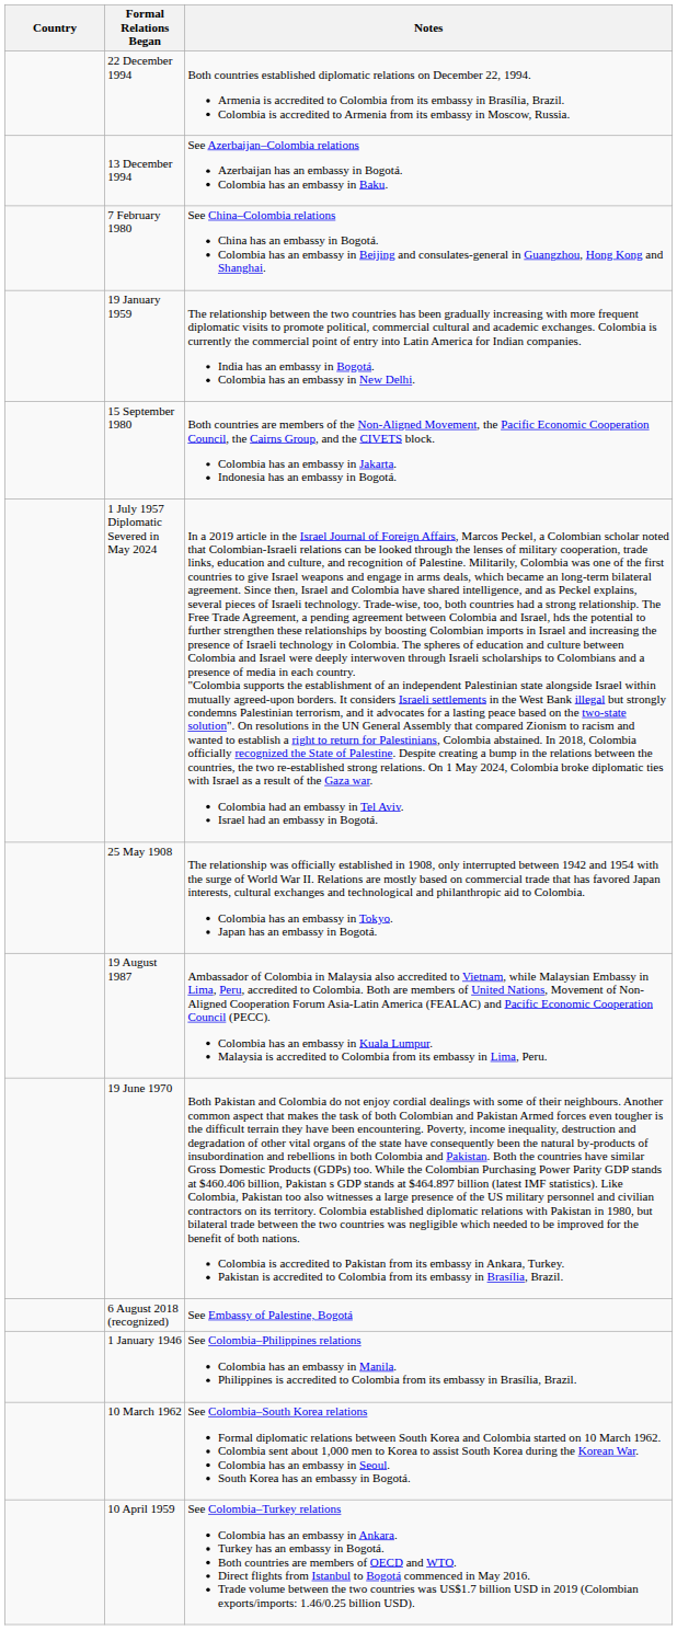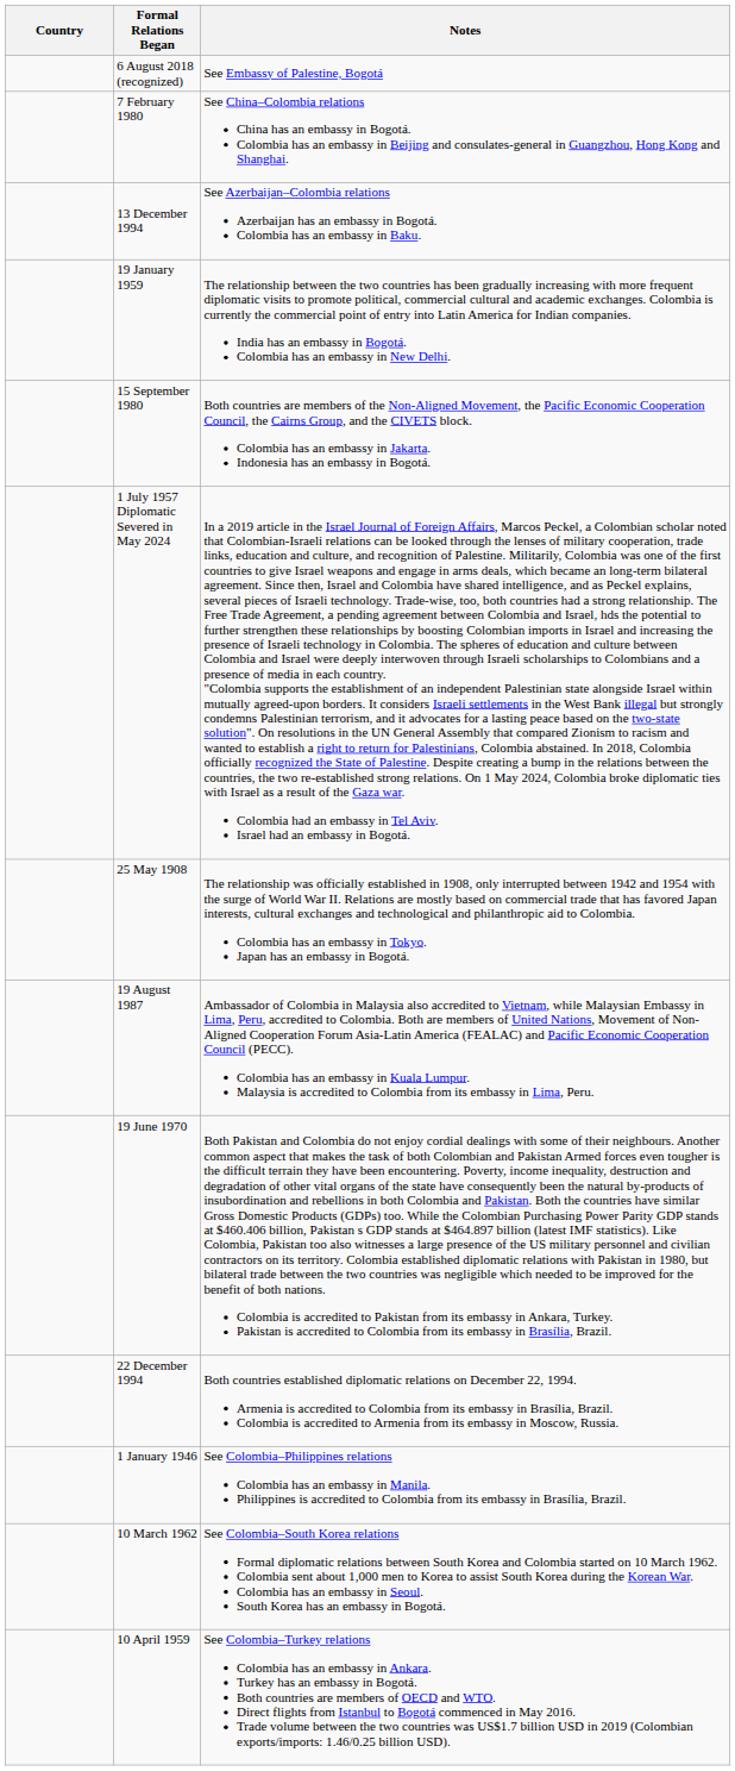 <table class="wikitable sortable" style="width:100%; margin:auto;">
 <tr>
 <th style="width:15%;">Country</th>
 <th style="width:12%;">Formal Relations Began</th>
 <th>Notes</th>
 </tr>
+<tr>
+<td></td>
+<td>6 August 2018 (recognized)</td>
+<td>See <a href='#'>Embassy of Palestine, Bogotá</a></td>
+</tr>
 <tr valign="top">
 <td></td>
-<td>22 December 1994</td>
-<td><br>Both countries established diplomatic relations on December 22, 1994.<ul><li>Armenia is accredited to Colombia from its embassy in Brasília, Brazil.</li><li>Colombia is accredited to Armenia from its embassy in Moscow, Russia.</li></ul></td>
+<td>7 February 1980</td>
+<td>See <a href='#'>China–Colombia relations</a><br><ul><li>China has an embassy in Bogotá.</li><li>Colombia has an embassy in <a href='#'>Beijing</a> and consulates-general in <a href='#'>Guangzhou</a>, <a href='#'>Hong Kong</a> and <a href='#'>Shanghai</a>.</li></ul></td>
 </tr>
 <tr -valign="top">
 <td></td>
 <td>13 December 1994</td>
 <td>See <a href='#'>Azerbaijan–Colombia relations</a><br><ul><li>Azerbaijan has an embassy in Bogotá.</li><li>Colombia has an embassy in <a href='#'>Baku</a>.</li></ul></td>
-</tr>
-<tr valign="top">
-<td></td>
-<td>7 February 1980</td>
-<td>See <a href='#'>China–Colombia relations</a><br><ul><li>China has an embassy in Bogotá.</li><li>Colombia has an embassy in <a href='#'>Beijing</a> and consulates-general in <a href='#'>Guangzhou</a>, <a href='#'>Hong Kong</a> and <a href='#'>Shanghai</a>.</li></ul></td>
 </tr>
 <tr valign="top">
 <td></td>
 <td>19 January 1959</td>
 <td><br> The relationship between the two countries has been gradually increasing with more frequent diplomatic visits to promote political, commercial cultural and academic exchanges. Colombia is currently the commercial point of entry into Latin America for Indian companies.<ul><li>India has an embassy in <a href='#'>Bogotá</a>.</li><li>Colombia has an embassy in <a href='#'>New Delhi</a>.</li></ul></td>
 </tr>
 <tr valign="top">
 <td></td>
 <td>15 September 1980</td>
 <td><br> Both countries are members of the <a href='#'>Non-Aligned Movement</a>, the <a href='#'>Pacific Economic Cooperation Council</a>, the <a href='#'>Cairns Group</a>, and the <a href='#'>CIVETS</a> block.<ul><li>Colombia has an embassy in <a href='#'>Jakarta</a>.</li><li>Indonesia has an embassy in Bogotá.</li></ul></td>
 </tr>
 <tr valign="top">
 <td></td>
 <td>1 July 1957 Diplomatic Severed in May 2024</td>
 <td><br><br>In a 2019 article in the <a href='#'>Israel Journal of Foreign Affairs</a>, Marcos Peckel, a Colombian scholar noted that Colombian-Israeli relations can be looked through the lenses of military cooperation, trade links, education and culture, and recognition of Palestine. Militarily, Colombia was one of the first countries to give Israel weapons and engage in arms deals, which became an long-term bilateral agreement. Since then, Israel and Colombia have shared intelligence, and as Peckel explains, several pieces of Israeli technology. Trade-wise, too, both countries had a strong relationship. The Free Trade Agreement, a pending agreement between Colombia and Israel, hds the potential to further strengthen these relationships by boosting Colombian imports in Israel and increasing the presence of Israeli technology in Colombia. The spheres of education and culture between Colombia and Israel were deeply interwoven through Israeli scholarships to Colombians and a presence of media in each country.<br>"Colombia supports the establishment of an independent Palestinian state alongside Israel within mutually agreed-upon borders. It considers <a href='#'>Israeli settlements</a> in the West Bank <a href='#'>illegal</a> but strongly condemns Palestinian terrorism, and it advocates for a lasting peace based on the <a href='#'>two-state solution</a>". On resolutions in the UN General Assembly that compared Zionism to racism and wanted to establish a <a href='#'>right to return for Palestinians</a>, Colombia abstained. In 2018, Colombia officially <a href='#'>recognized the State of Palestine</a>. Despite creating a bump in the relations between the countries, the two re-established strong relations. On 1 May 2024, Colombia broke diplomatic ties with Israel as a result of the <a href='#'>Gaza war</a>.<ul><li>Colombia had an embassy in <a href='#'>Tel Aviv</a>.</li><li>Israel had an embassy in Bogotá.</li></ul></td>
 </tr>
 <tr valign="top">
 <td></td>
 <td>25 May 1908</td>
 <td><br> The relationship was officially established in 1908, only interrupted between 1942 and 1954 with the surge of World War II. Relations are mostly based on commercial trade that has favored Japan interests, cultural exchanges and technological and philanthropic aid to Colombia.<ul><li>Colombia has an embassy in <a href='#'>Tokyo</a>.</li><li>Japan has an embassy in Bogotá.</li></ul></td>
 </tr>
 <tr valign="top">
 <td></td>
 <td>19 August 1987</td>
 <td><br>Ambassador of Colombia in Malaysia also accredited to <a href='#'>Vietnam</a>, while Malaysian Embassy in <a href='#'>Lima</a>, <a href='#'>Peru</a>, accredited to Colombia. Both are members of <a href='#'>United Nations</a>, Movement of Non-Aligned Cooperation Forum Asia-Latin America (FEALAC) and <a href='#'>Pacific Economic Cooperation Council</a> (PECC).<ul><li>Colombia has an embassy in <a href='#'>Kuala Lumpur</a>.</li><li>Malaysia is accredited to Colombia from its embassy in <a href='#'>Lima</a>, Peru.</li></ul></td>
 </tr>
 <tr valign="top">
 <td></td>
 <td>19 June 1970</td>
 <td><br>Both Pakistan and Colombia do not enjoy cordial dealings with some of their neighbours. Another common aspect that makes the task of both Colombian and Pakistan Armed forces even tougher is the difficult terrain they have been encountering. Poverty, income inequality, destruction and degradation of other vital organs of the state have consequently been the natural by-products of insubordination and rebellions in both Colombia and <a href='#'>Pakistan</a>. Both the countries have similar Gross Domestic Products (GDPs) too. While the Colombian Purchasing Power Parity GDP stands at $460.406 billion, Pakistan s GDP stands at $464.897 billion (latest IMF statistics). Like Colombia, Pakistan too also witnesses a large presence of the US military personnel and civilian contractors on its territory. Colombia established diplomatic relations with Pakistan in 1980, but bilateral trade between the two countries was negligible which needed to be improved for the benefit of both nations.<ul><li>Colombia is accredited to Pakistan from its embassy in Ankara, Turkey.</li><li>Pakistan is accredited to Colombia from its embassy in <a href='#'>Brasília</a>, Brazil.</li></ul></td>
 </tr>
-<tr>
+<tr valign="top">
 <td></td>
-<td>6 August 2018 (recognized)</td>
-<td>See <a href='#'>Embassy of Palestine, Bogotá</a></td>
+<td>22 December 1994</td>
+<td><br>Both countries established diplomatic relations on December 22, 1994.<ul><li>Armenia is accredited to Colombia from its embassy in Brasília, Brazil.</li><li>Colombia is accredited to Armenia from its embassy in Moscow, Russia.</li></ul></td>
 </tr>
 <tr valign="top">
 <td></td>
 <td>1 January 1946</td>
 <td>See <a href='#'>Colombia–Philippines relations</a><br><ul><li>Colombia has an embassy in <a href='#'>Manila</a>.</li><li>Philippines is accredited to Colombia from its embassy in Brasília, Brazil.</li></ul></td>
 </tr>
 <tr valign="top">
 <td></td>
 <td>10 March 1962</td>
 <td>See <a href='#'>Colombia–South Korea relations</a><br><ul><li>Formal diplomatic relations between South Korea and Colombia started on 10 March 1962.</li><li>Colombia sent about 1,000 men to Korea to assist South Korea during the <a href='#'>Korean War</a>.</li><li>Colombia has an embassy in <a href='#'>Seoul</a>.</li><li>South Korea has an embassy in Bogotá.</li></ul></td>
 </tr>
 <tr valign="top">
 <td></td>
 <td>10 April 1959</td>
 <td>See <a href='#'>Colombia–Turkey relations</a><br><ul><li>Colombia has an embassy in <a href='#'>Ankara</a>.</li><li>Turkey has an embassy in Bogotá.</li><li>Both countries are members of <a href='#'>OECD</a> and <a href='#'>WTO</a>.</li><li>Direct flights from <a href='#'>Istanbul</a> to <a href='#'>Bogotá</a> commenced in May 2016.</li><li>Trade volume between the two countries was US$1.7 billion USD in 2019 (Colombian exports/imports: 1.46/0.25 billion USD).</li></ul></td>
 </tr>
 </table>
